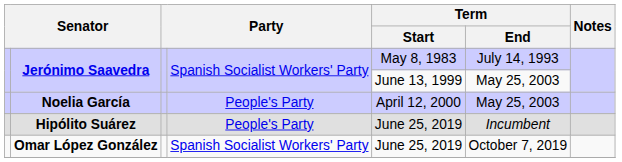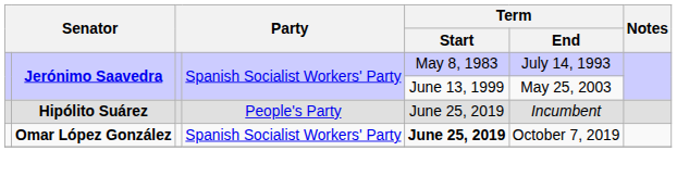 <table class="wikitable sortable" style="text-align:center">
 <tr>
 <th colspan="2" rowspan="2">Senator</th>
 <th colspan="2" rowspan="2">Party</th>
 <th colspan="2">Term</th>
 <th rowspan="2">Notes</th>
 </tr>
 <tr>
 <th>Start</th>
 <th>End</th>
 </tr>
 <tr style="background:#CCF">
 <td rowspan="2"></td>
 <td rowspan="2"><strong><a href='#'>Jerónimo Saavedra</a></strong></td>
 <td rowspan="2" style="background-color:"></td>
 <td rowspan="2"><a href='#'>Spanish Socialist Workers' Party</a></td>
 <td>May 8, 1983</td>
 <td>July 14, 1993</td>
 <td rowspan="2"></td>
 </tr>
 <tr>
 <td>June 13, 1999</td>
 <td>May 25, 2003</td>
 </tr>
-<tr style="background:#CCF">
-<td></td>
-<td><strong>Noelia García</strong></td>
-<td style="background-color:"></td>
-<td><a href='#'>People's Party</a></td>
-<td>April 12, 2000</td>
-<td>May 25, 2003</td>
-<td></td>
-</tr>
 <tr style="background:#e0e0e0">
 <td></td>
 <td><strong>Hipólito Suárez</strong></td>
 <td style="background-color:"></td>
 <td><a href='#'>People's Party</a></td>
 <td>June 25, 2019</td>
 <td><em>Incumbent</em></td>
 <td></td>
 </tr>
 <tr>
 <td></td>
 <td><strong>Omar López González</strong></td>
 <td style="background-color:"></td>
 <td><a href='#'>Spanish Socialist Workers' Party</a></td>
-<td>June 25, 2019</td>
+<td><strong>June 25, 2019</strong></td>
 <td>October 7, 2019</td>
 <td></td>
 </tr>
 <tr>
 </tr>
 </table>
